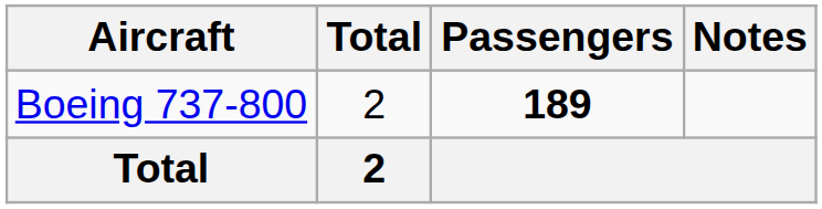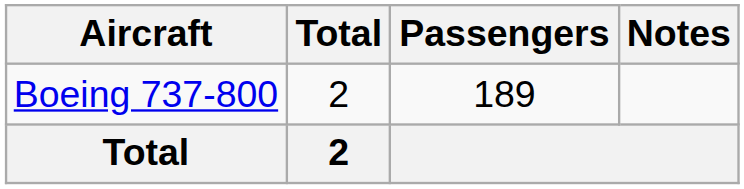 <table class="wikitable" style="margin: 1em auto;">
 <tr>
 <th>Aircraft</th>
 <th>Total</th>
 <th>Passengers</th>
 <th>Notes</th>
 </tr>
 <tr>
 <td><a href='#'>Boeing 737-800</a></td>
 <td align=center>2</td>
-<td align=center><strong>189</strong></td>
+<td align=center>189</td>
 <td></td>
 </tr>
 <tr>
 <th>Total</th>
 <th>2</th>
 <th colspan="2"></th>
 </tr>
 </table>
